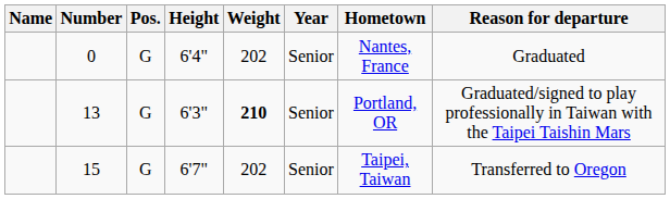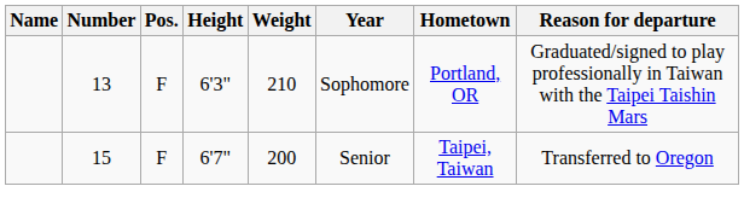 <table class="wikitable sortable sortable" style="text-align: center">
 <tr align=center>
 <th>Name</th>
 <th>Number</th>
 <th>Pos.</th>
 <th>Height</th>
 <th>Weight</th>
 <th>Year</th>
 <th>Hometown</th>
 <th>Reason for departure</th>
 </tr>
 <tr>
 <td></td>
-<td>0</td>
-<td>G</td>
-<td>6'4"</td>
-<td>202</td>
-<td>Senior</td>
-<td><a href='#'>Nantes, France</a></td>
-<td>Graduated</td>
-</tr>
-<tr>
-<td></td>
 <td>13</td>
-<td>G</td>
+<td>F</td>
 <td>6'3"</td>
-<td><strong>210</strong></td>
-<td>Senior</td>
+<td>210</td>
+<td>Sophomore</td>
 <td><a href='#'>Portland, OR</a></td>
 <td>Graduated/signed to play professionally in Taiwan with the <a href='#'>Taipei Taishin Mars</a></td>
 </tr>
 <tr>
 <td></td>
 <td>15</td>
-<td>G</td>
+<td>F</td>
 <td>6'7"</td>
-<td>202</td>
+<td>200</td>
 <td>Senior</td>
 <td><a href='#'>Taipei, Taiwan</a></td>
 <td>Transferred to <a href='#'>Oregon</a></td>
 </tr>
 <tr>
 </tr>
 </table>
